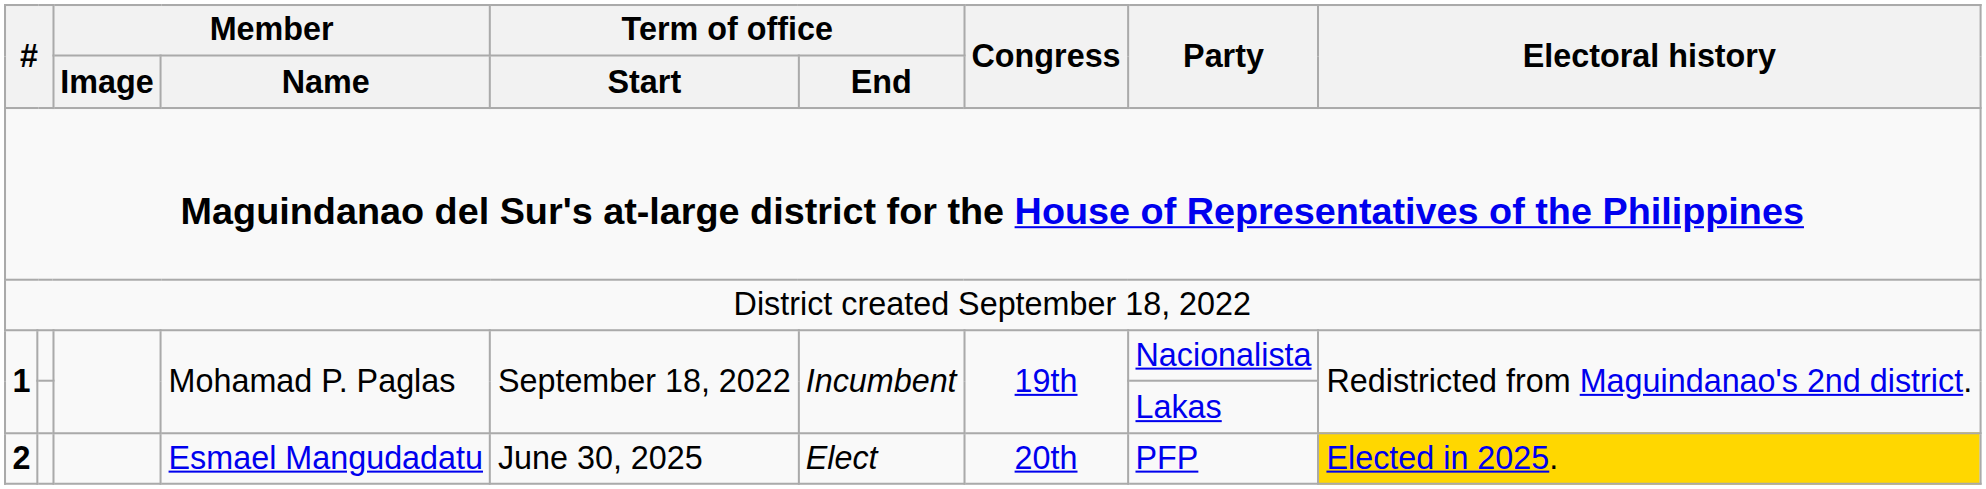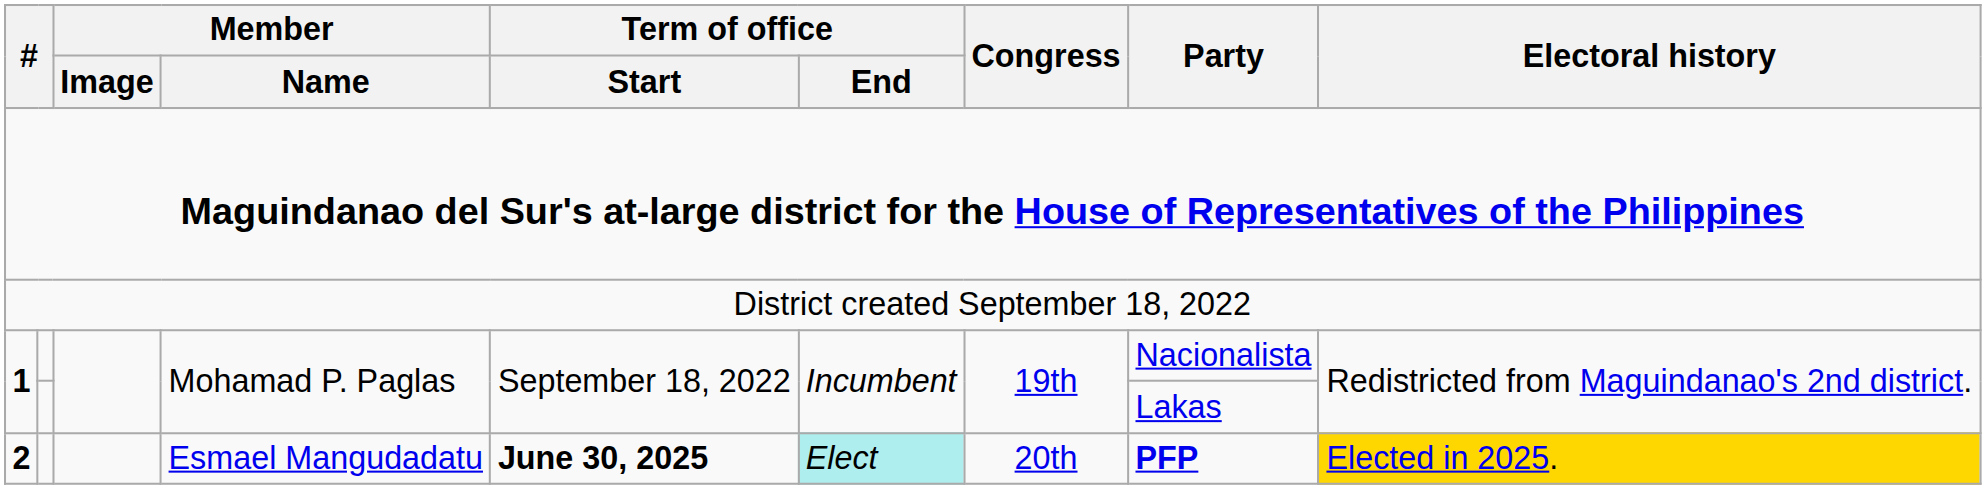 <table class=wikitable>
 <tr>
 <th rowspan="2" colspan="2">#</th>
 <th colspan="2">Member</th>
 <th colspan="2">Term of office</th>
 <th rowspan="2">Congress</th>
 <th rowspan="2">Party</th>
 <th rowspan="2">Electoral history</th>
 </tr>
 <tr>
 <th>Image</th>
 <th>Name</th>
 <th>Start</th>
 <th>End</th>
 </tr>
 <tr>
 <td colspan="9" style="text-align:center;"><br><h3>Maguindanao del Sur's at-large district for the <a href='#'>House of Representatives of the Philippines</a></h3></td>
 </tr>
 <tr>
 <td colspan="9" style="text-align:center;">District created September 18, 2022</td>
 </tr>
 <tr>
 <td style="text-align:center;" rowspan="2"><strong>1</strong></td>
 <td style="color:inherit;background:"></td>
 <td rowspan="2"></td>
 <td rowspan="2">Mohamad P. Paglas</td>
 <td rowspan="2">September 18, 2022</td>
 <td rowspan="2"><em>Incumbent</em></td>
 <td style="text-align:center;" rowspan="2"><a href='#'>19th</a></td>
 <td><a href='#'>Nacionalista</a></td>
 <td rowspan="2">Redistricted from <a href='#'>Maguindanao's 2nd district</a>.</td>
 </tr>
 <tr>
 <td style="color:inherit;background:"></td>
 <td><a href='#'>Lakas</a></td>
 </tr>
 <tr>
 <td style="text-align:center;"><strong>2</strong></td>
 <td style="color:inherit;background:"></td>
 <td></td>
 <td><a href='#'>Esmael Mangudadatu</a></td>
-<td>June 30, 2025</td>
-<td><em>Elect</em></td>
+<td><strong>June 30, 2025</strong></td>
+<td style="background: paleturquoise;"><em>Elect</em></td>
 <td style="text-align:center;" rowspan="2"><a href='#'>20th</a></td>
-<td><a href='#'>PFP</a></td>
+<td><strong><a href='#'>PFP</a></strong></td>
 <td style="background: gold;"><a href='#'>Elected in 2025</a>.</td>
 </tr>
 </table>
